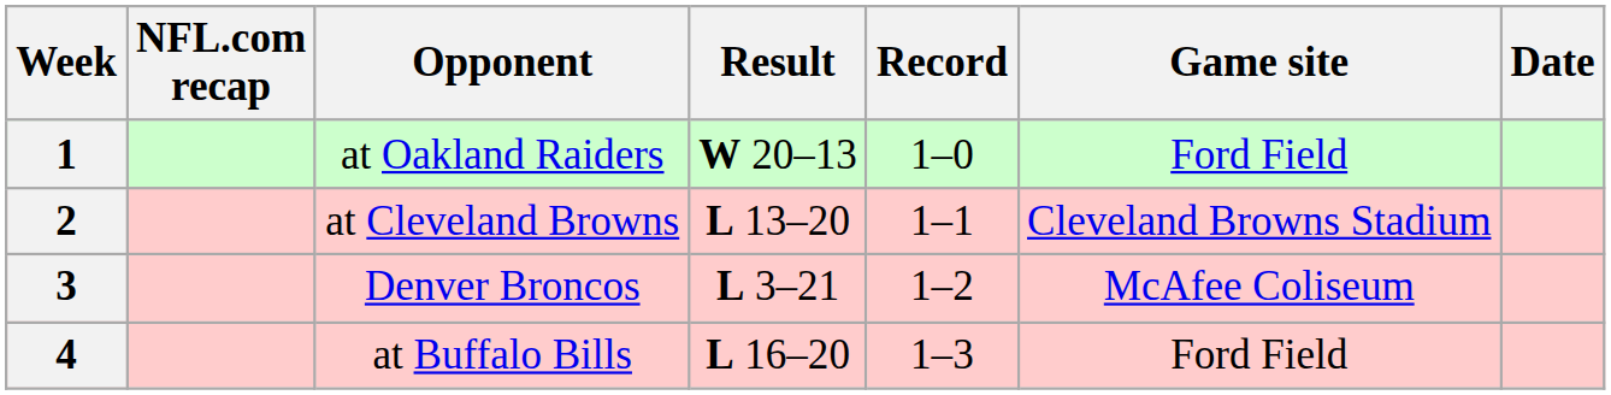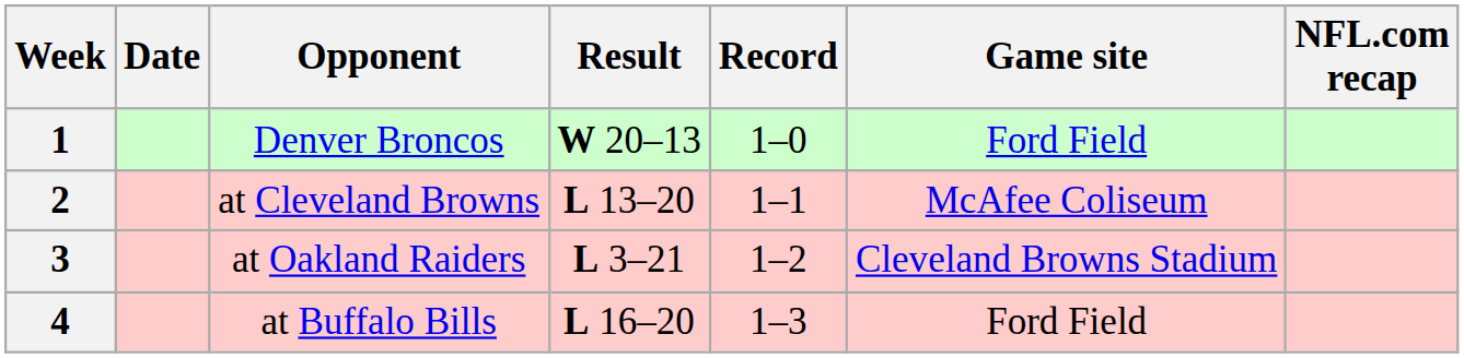 <table class="wikitable" style="text-align:center">
 <tr>
 <th>Week</th>
-<th>NFL.com<br>recap</th>
+<th>Date</th>
 <th>Opponent</th>
 <th>Result</th>
 <th>Record</th>
 <th>Game site</th>
-<th>Date</th>
+<th>NFL.com<br>recap</th>
 </tr>
 <tr style="background:#cfc">
 <th>1</th>
-<td> </td>
-<td>at <a href='#'>Oakland Raiders</a></td>
+<td></td>
+<td><a href='#'>Denver Broncos</a></td>
 <td><strong>W</strong> 20–13</td>
 <td>1–0</td>
 <td><a href='#'>Ford Field</a></td>
-<td></td>
+<td> </td>
 </tr>
 <tr style="background:#fcc">
 <th>2</th>
-<td> </td>
+<td></td>
 <td>at <a href='#'>Cleveland Browns</a></td>
 <td><strong>L</strong> 13–20</td>
 <td>1–1</td>
-<td><a href='#'>Cleveland Browns Stadium</a></td>
-<td></td>
+<td><a href='#'>McAfee Coliseum</a></td>
+<td> </td>
 </tr>
 <tr style="background:#fcc">
 <th>3</th>
-<td> </td>
-<td><a href='#'>Denver Broncos</a></td>
+<td></td>
+<td>at <a href='#'>Oakland Raiders</a></td>
 <td><strong>L</strong> 3–21</td>
 <td>1–2</td>
-<td><a href='#'>McAfee Coliseum</a></td>
-<td></td>
+<td><a href='#'>Cleveland Browns Stadium</a></td>
+<td> </td>
 </tr>
 <tr style="background:#fcc">
 <th>4</th>
-<td> </td>
+<td></td>
 <td>at <a href='#'>Buffalo Bills</a></td>
 <td><strong>L</strong> 16–20</td>
 <td>1–3</td>
 <td>Ford Field</td>
-<td></td>
+<td> </td>
 </tr>
 </table>
